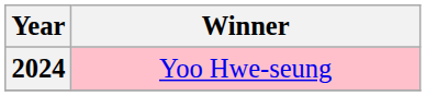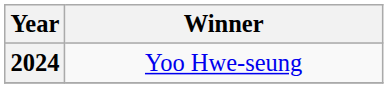 <table class="wikitable plainrowheaders" style="text-align:center">
 <tr>
 <th scope="col">Year</th>
 <th scope="col" width="200">Winner</th>
 </tr>
 <tr>
 <th scope="row">2024</th>
-<td style="background: pink;"><a href='#'>Yoo Hwe-seung</a></td>
+<td><a href='#'>Yoo Hwe-seung</a></td>
 </tr>
 <tr>
 </tr>
 </table>
